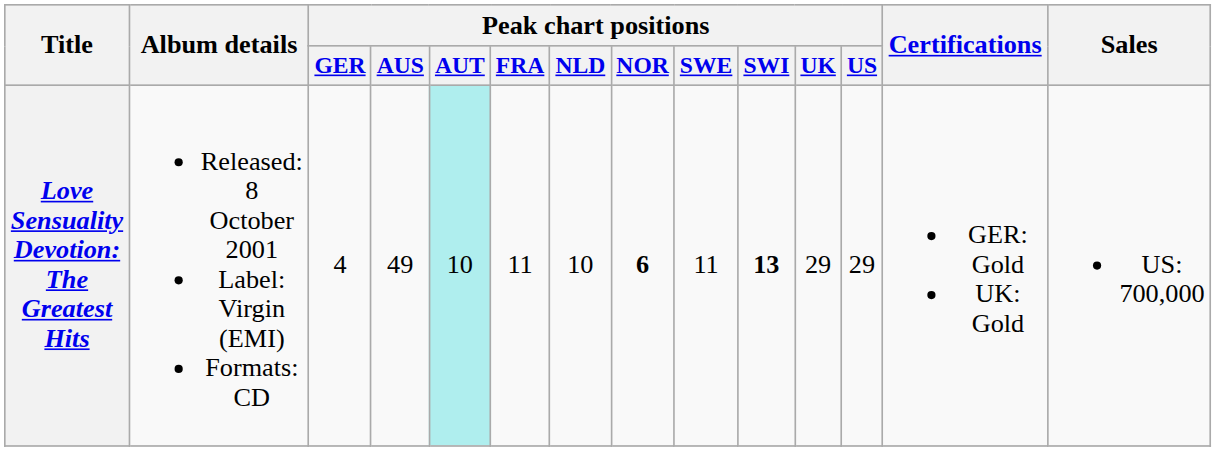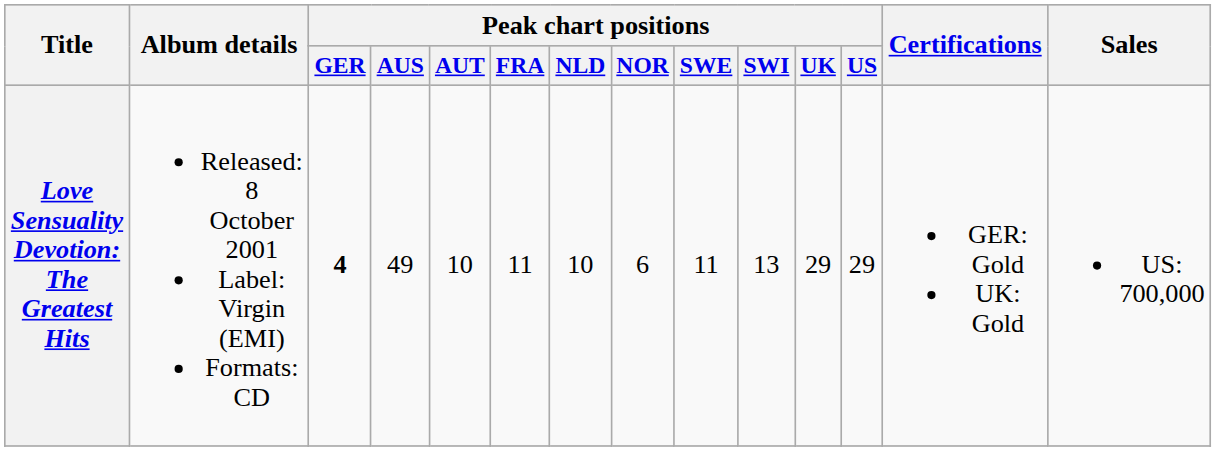 <table class="wikitable plainrowheaders" style="text-align:center;">
 <tr>
 <th scope="col" rowspan="2" style="width:12em;">Title</th>
 <th scope="col" rowspan="2" style="width:16em;">Album details</th>
 <th scope="col" colspan="10">Peak chart positions</th>
 <th scope="col" rowspan="2" style="width:14em;"><a href='#'>Certifications</a></th>
 <th scope="col" rowspan="2" style="width:12em;">Sales</th>
 </tr>
 <tr>
 <th scope="col" style="width:3em;font-size:90%;"><a href='#'>GER</a><br></th>
 <th scope="col" style="width:3em;font-size:90%;"><a href='#'>AUS</a><br></th>
 <th scope="col" style="width:3em;font-size:90%;"><a href='#'>AUT</a><br></th>
 <th scope="col" style="width:3em;font-size:90%;"><a href='#'>FRA</a><br></th>
 <th scope="col" style="width:3em;font-size:90%;"><a href='#'>NLD</a><br></th>
 <th scope="col" style="width:3em;font-size:90%;"><a href='#'>NOR</a><br></th>
 <th scope="col" style="width:3em;font-size:90%;"><a href='#'>SWE</a><br></th>
 <th scope="col" style="width:3em;font-size:90%;"><a href='#'>SWI</a><br></th>
 <th scope="col" style="width:3em;font-size:90%;"><a href='#'>UK</a><br></th>
 <th scope="col" style="width:3em;font-size:90%;"><a href='#'>US</a><br></th>
 </tr>
 <tr>
 <th scope="row"><em><a href='#'>Love Sensuality Devotion: The Greatest Hits</a></em></th>
 <td><br><ul><li>Released: 8 October 2001</li><li>Label: Virgin (EMI)</li><li>Formats: CD</li></ul></td>
-<td>4</td>
+<td><strong>4</strong></td>
 <td>49</td>
-<td style="background: paleturquoise;">10</td>
+<td>10</td>
 <td>11</td>
 <td>10</td>
-<td><strong>6</strong></td>
+<td>6</td>
 <td>11</td>
-<td><strong>13</strong></td>
+<td>13</td>
 <td>29</td>
 <td>29</td>
 <td><br><ul><li>GER: Gold</li><li>UK: Gold</li></ul></td>
 <td><br><ul><li>US: 700,000</li></ul></td>
 </tr>
 </table>
